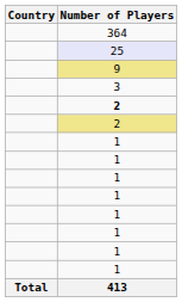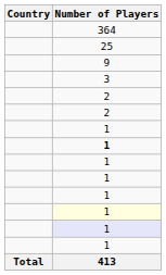 <table class="wikitable sortable" style="text-align:center;">
 <tr>
 <th>Country</th>
 <th>Number of Players</th>
 </tr>
 <tr>
 <td></td>
 <td>364</td>
 </tr>
 <tr>
 <td></td>
-<td style="background: lavender;">25</td>
+<td>25</td>
 </tr>
 <tr>
 <td></td>
-<td style="background: khaki;">9</td>
+<td>9</td>
 </tr>
 <tr>
 <td></td>
 <td>3</td>
 </tr>
 <tr>
 <td></td>
-<td><strong>2</strong></td>
+<td>2</td>
 </tr>
 <tr>
 <td></td>
-<td style="background: khaki;">2</td>
+<td>2</td>
+</tr>
+<tr>
+<td></td>
+<td>1</td>
+</tr>
+<tr>
+<td></td>
+<td><strong>1</strong></td>
 </tr>
 <tr>
 <td></td>
 <td>1</td>
 </tr>
 <tr>
 <td></td>
 <td>1</td>
 </tr>
 <tr>
 <td></td>
 <td>1</td>
 </tr>
 <tr>
 <td></td>
-<td>1</td>
+<td style="background: lightyellow;">1</td>
 </tr>
 <tr>
 <td></td>
-<td>1</td>
-</tr>
-<tr>
-<td></td>
-<td>1</td>
-</tr>
-<tr>
-<td></td>
-<td>1</td>
+<td style="background: lavender;">1</td>
 </tr>
 <tr>
 <td></td>
 <td>1</td>
 </tr>
 <tr>
 <th>Total</th>
 <th>413</th>
 </tr>
 </table>
